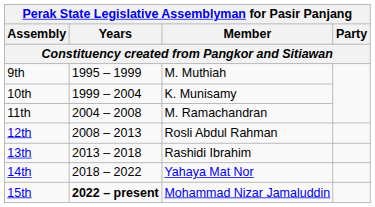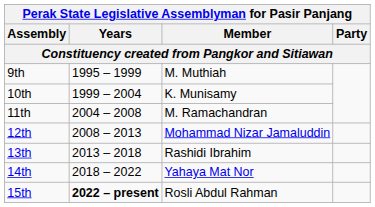 <table class="wikitable">
 <tr>
 <th colspan="4"><a href='#'>Perak State Legislative Assemblyman</a> for Pasir Panjang</th>
 </tr>
 <tr>
 <th>Assembly</th>
 <th>Years</th>
 <th>Member</th>
 <th>Party</th>
 </tr>
 <tr>
 <th colspan="4" align="center"><em>Constituency created from Pangkor and Sitiawan</em></th>
 </tr>
 <tr>
 <td>9th</td>
 <td>1995 – 1999</td>
 <td>M. Muthiah</td>
 <td rowspan="3"></td>
 </tr>
 <tr>
 <td>10th</td>
 <td>1999 – 2004</td>
 <td>K. Munisamy</td>
 </tr>
 <tr>
 <td>11th</td>
 <td>2004 – 2008</td>
 <td>M. Ramachandran</td>
 </tr>
 <tr>
 <td><a href='#'>12th</a></td>
 <td>2008 – 2013</td>
-<td>Rosli Abdul Rahman</td>
+<td><a href='#'>Mohammad Nizar Jamaluddin</a></td>
 <td></td>
 </tr>
 <tr>
 <td><a href='#'>13th</a></td>
 <td>2013 – 2018</td>
 <td>Rashidi Ibrahim</td>
 <td></td>
 </tr>
 <tr>
 <td><a href='#'>14th</a></td>
 <td>2018 –  2022</td>
 <td><a href='#'>Yahaya Mat Nor</a></td>
 <td></td>
 </tr>
 <tr>
 <td><a href='#'>15th</a></td>
 <td><strong>2022 –  present</strong></td>
-<td><a href='#'>Mohammad Nizar Jamaluddin</a></td>
+<td>Rosli Abdul Rahman</td>
 <td></td>
 </tr>
 </table>
